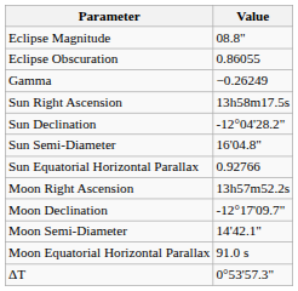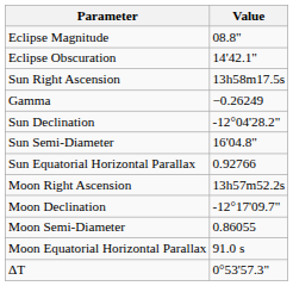 <table class="wikitable">
 <tr>
 <th>Parameter</th>
 <th>Value</th>
 </tr>
 <tr>
 <td>Eclipse Magnitude</td>
 <td>08.8"</td>
 </tr>
 <tr>
 <td>Eclipse Obscuration</td>
-<td>0.86055</td>
+<td>14'42.1"</td>
+</tr>
+<tr>
+<td>Sun Right Ascension</td>
+<td>13h58m17.5s</td>
 </tr>
 <tr>
 <td>Gamma</td>
 <td>−0.26249</td>
-</tr>
-<tr>
-<td>Sun Right Ascension</td>
-<td>13h58m17.5s</td>
 </tr>
 <tr>
 <td>Sun Declination</td>
 <td>-12°04'28.2"</td>
 </tr>
 <tr>
 <td>Sun Semi-Diameter</td>
 <td>16'04.8"</td>
 </tr>
 <tr>
 <td>Sun Equatorial Horizontal Parallax</td>
 <td>0.92766</td>
 </tr>
 <tr>
 <td>Moon Right Ascension</td>
 <td>13h57m52.2s</td>
 </tr>
 <tr>
 <td>Moon Declination</td>
 <td>-12°17'09.7"</td>
 </tr>
 <tr>
 <td>Moon Semi-Diameter</td>
-<td>14'42.1"</td>
+<td>0.86055</td>
 </tr>
 <tr>
 <td>Moon Equatorial Horizontal Parallax</td>
 <td>91.0 s</td>
 </tr>
 <tr>
 <td>ΔT</td>
 <td>0°53'57.3"</td>
 </tr>
 </table>
